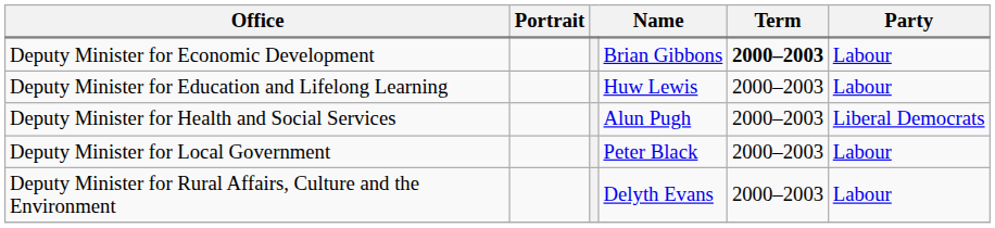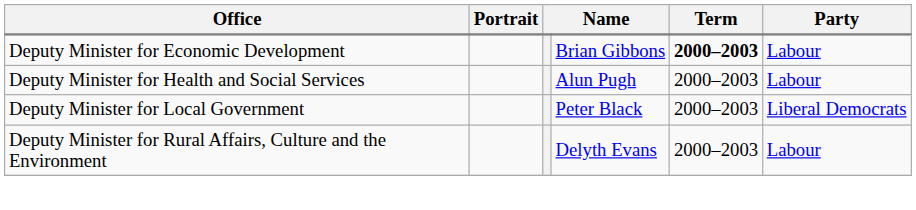 <table class="wikitable">
 <tr style="border-bottom: 2px solid gray;">
 <th style="width: 390px">Office</th>
 <th>Portrait</th>
 <th colspan="2">Name</th>
 <th>Term</th>
 <th>Party</th>
 </tr>
 <tr>
 <td>Deputy Minister for Economic Development</td>
 <td></td>
 <th style="background-color: "></th>
 <td><a href='#'>Brian Gibbons</a></td>
 <td><strong>2000–2003</strong></td>
 <td><a href='#'>Labour</a></td>
 </tr>
 <tr>
-<td>Deputy Minister for Education and Lifelong Learning</td>
-<td></td>
-<th style="background-color: "></th>
-<td><a href='#'>Huw Lewis</a></td>
-<td>2000–2003</td>
-<td><a href='#'>Labour</a></td>
-</tr>
-<tr>
 <td>Deputy Minister for Health and Social Services</td>
 <td></td>
 <th style="background-color: "></th>
 <td><a href='#'>Alun Pugh</a></td>
 <td>2000–2003</td>
-<td><a href='#'>Liberal Democrats</a></td>
+<td><a href='#'>Labour</a></td>
 </tr>
 <tr>
 <td>Deputy Minister for Local Government</td>
 <td></td>
 <th style="background-color: "></th>
 <td><a href='#'>Peter Black</a></td>
 <td>2000–2003</td>
-<td><a href='#'>Labour</a></td>
+<td><a href='#'>Liberal Democrats</a></td>
 </tr>
 <tr>
 <td>Deputy Minister for Rural Affairs, Culture and the Environment</td>
 <td></td>
 <th style="background-color: "></th>
 <td><a href='#'>Delyth Evans</a></td>
 <td>2000–2003</td>
 <td><a href='#'>Labour</a></td>
 </tr>
 <tr>
 </tr>
 </table>
